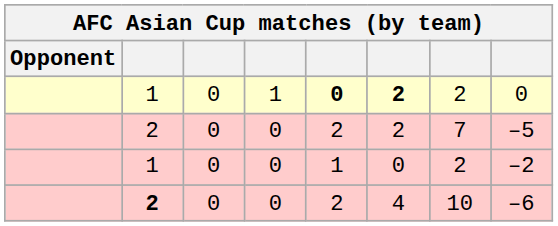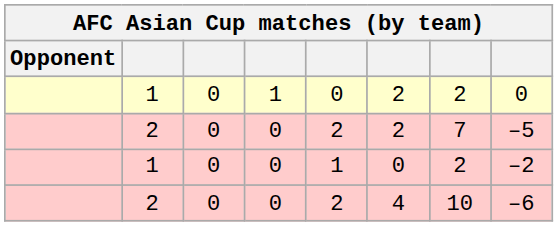 <table class="wikitable sortable" style="text-align: center;">
 <tr>
 <th colspan=8>AFC Asian Cup matches (by team)</th>
 </tr>
 <tr>
 <th width="30">Opponent</th>
 <th width="30"></th>
 <th width="30"></th>
 <th width="30"></th>
 <th width="30"></th>
 <th width="30"></th>
 <th width="30"></th>
 <th width="30"></th>
 </tr>
 <tr bgcolor=#FFFFCC>
 <td align="left"></td>
 <td>1</td>
 <td>0</td>
 <td>1</td>
-<td><strong>0</strong></td>
-<td><strong>2</strong></td>
+<td>0</td>
+<td>2</td>
 <td>2</td>
 <td>0</td>
 </tr>
 <tr bgcolor=#FFCCCC>
 <td align="left"></td>
 <td>2</td>
 <td>0</td>
 <td>0</td>
 <td>2</td>
 <td>2</td>
 <td>7</td>
 <td>–5</td>
 </tr>
 <tr bgcolor=#FFCCCC>
 <td align="left"></td>
 <td>1</td>
 <td>0</td>
 <td>0</td>
 <td>1</td>
 <td>0</td>
 <td>2</td>
 <td>–2</td>
 </tr>
 <tr bgcolor=#FFCCCC>
 <td align="left"></td>
-<td><strong>2</strong></td>
+<td>2</td>
 <td>0</td>
 <td>0</td>
 <td>2</td>
 <td>4</td>
 <td>10</td>
 <td>–6</td>
 </tr>
 </table>
